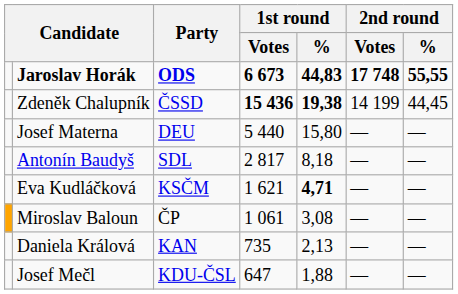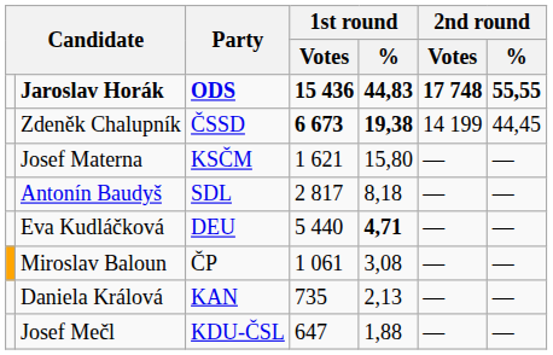 <table class="wikitable sortable">
 <tr>
 <th colspan="2" rowspan="2">Candidate</th>
 <th rowspan="2">Party</th>
 <th colspan="2">1st round</th>
 <th colspan="2">2nd round</th>
 </tr>
 <tr>
 <th>Votes</th>
 <th>%</th>
 <th>Votes</th>
 <th>%</th>
 </tr>
 <tr>
 <td style="background-color:"></td>
 <td><strong>Jaroslav Horák</strong></td>
 <td><a href='#'><strong>ODS</strong></a></td>
-<td><strong>6 673</strong></td>
+<td><strong>15 436</strong></td>
 <td><strong>44,83</strong></td>
 <td><strong>17 748</strong></td>
 <td><strong>55,55</strong></td>
 </tr>
 <tr>
 <td style="background-color:"></td>
 <td>Zdeněk Chalupník</td>
 <td><a href='#'>ČSSD</a></td>
-<td><strong>15 436</strong></td>
+<td><strong>6 673</strong></td>
 <td><strong>19,38</strong></td>
 <td>14 199</td>
 <td>44,45</td>
 </tr>
 <tr>
 <td style="background-color:"></td>
 <td>Josef Materna</td>
-<td><a href='#'>DEU</a></td>
-<td>5 440</td>
+<td><a href='#'>KSČM</a></td>
+<td>1 621</td>
 <td>15,80</td>
 <td>—</td>
 <td>—</td>
 </tr>
 <tr>
 <td style="background-color:"></td>
 <td><a href='#'>Antonín Baudyš</a></td>
 <td><a href='#'>SDL</a></td>
 <td>2 817</td>
 <td>8,18</td>
 <td>—</td>
 <td>—</td>
 </tr>
 <tr>
 <td style="background-color:"></td>
 <td>Eva Kudláčková</td>
-<td><a href='#'>KSČM</a></td>
-<td>1 621</td>
+<td><a href='#'>DEU</a></td>
+<td>5 440</td>
 <td><strong>4,71</strong></td>
 <td>—</td>
 <td>—</td>
 </tr>
 <tr>
 <td style="background-color:orange"></td>
 <td>Miroslav Baloun</td>
 <td>ČP</td>
 <td>1 061</td>
 <td>3,08</td>
 <td>—</td>
 <td>—</td>
 </tr>
 <tr>
 <td style="background-color:"></td>
 <td>Daniela Králová</td>
 <td><a href='#'>KAN</a></td>
 <td>735</td>
 <td>2,13</td>
 <td>—</td>
 <td>—</td>
 </tr>
 <tr>
 <td style="background-color:"></td>
 <td>Josef Mečl</td>
 <td><a href='#'>KDU-ČSL</a></td>
 <td>647</td>
 <td>1,88</td>
 <td>—</td>
 <td>—</td>
 </tr>
 </table>
